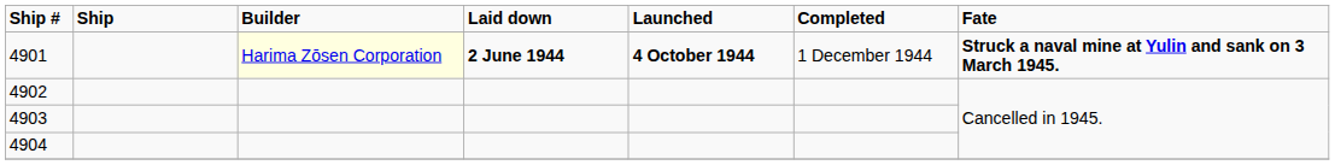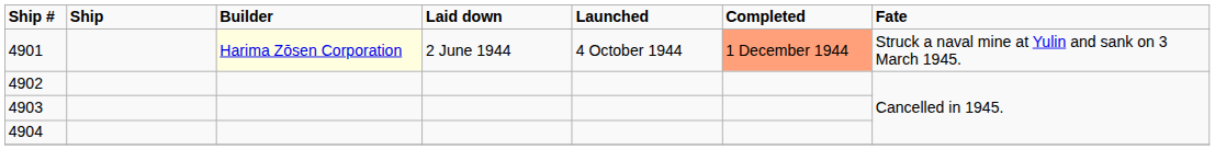 <table class="wikitable">
 <tr>
 <td width="3%"><strong>Ship #</strong></td>
 <td width="8%"><strong>Ship</strong></td>
 <td width="11%"><strong>Builder</strong></td>
 <td width="8%" bgcolor=><strong>Laid down</strong></td>
 <td width="8%" bgcolor=><strong>Launched</strong></td>
 <td width="8%" bgcolor=><strong>Completed</strong></td>
 <td width="18%" bgcolor=><strong>Fate</strong></td>
 </tr>
 <tr>
 <td>4901</td>
 <td></td>
 <td style="background: lightyellow;"><a href='#'>Harima Zōsen Corporation</a></td>
-<td><strong>2 June 1944</strong></td>
-<td><strong>4 October 1944</strong></td>
-<td>1 December 1944</td>
-<td><strong>Struck a naval mine at <a href='#'>Yulin</a> and sank on 3 March 1945.</strong></td>
+<td>2 June 1944</td>
+<td>4 October 1944</td>
+<td style="background: lightsalmon;">1 December 1944</td>
+<td>Struck a naval mine at <a href='#'>Yulin</a> and sank on 3 March 1945.</td>
 </tr>
 <tr>
 <td>4902</td>
 <td></td>
 <td></td>
 <td></td>
 <td></td>
 <td></td>
 <td rowspan="3">Cancelled in 1945.</td>
 </tr>
 <tr>
 <td>4903</td>
 <td></td>
 <td></td>
 <td></td>
 <td></td>
 <td></td>
 </tr>
 <tr>
 <td>4904</td>
 <td></td>
 <td></td>
 <td></td>
 <td></td>
 <td></td>
 </tr>
 <tr>
 </tr>
 </table>
